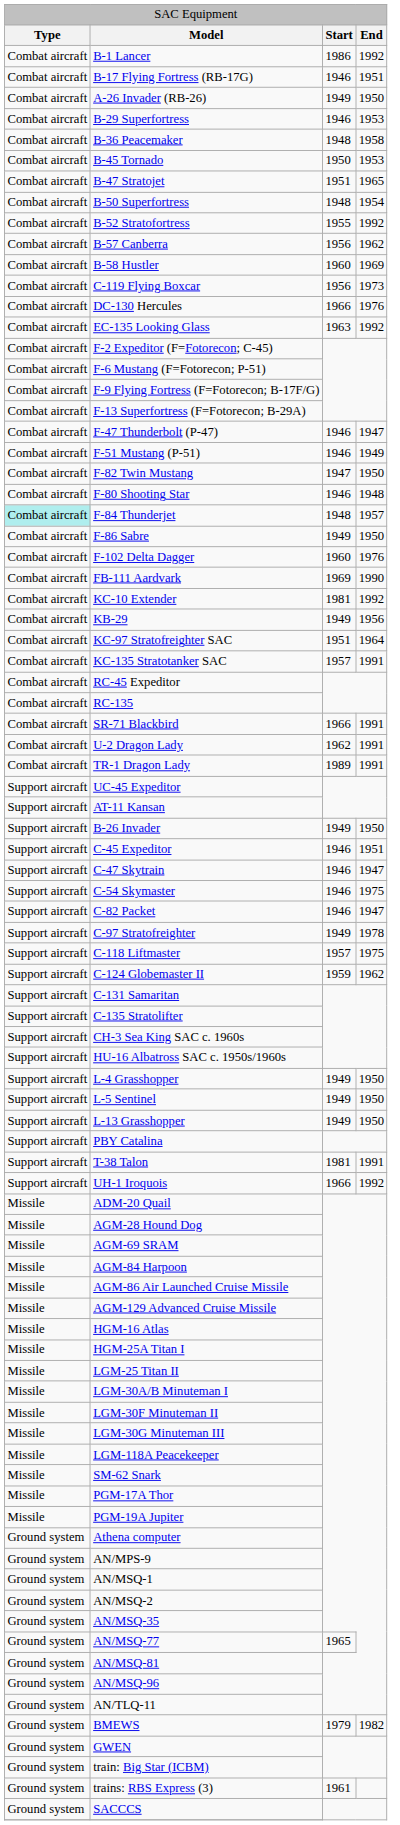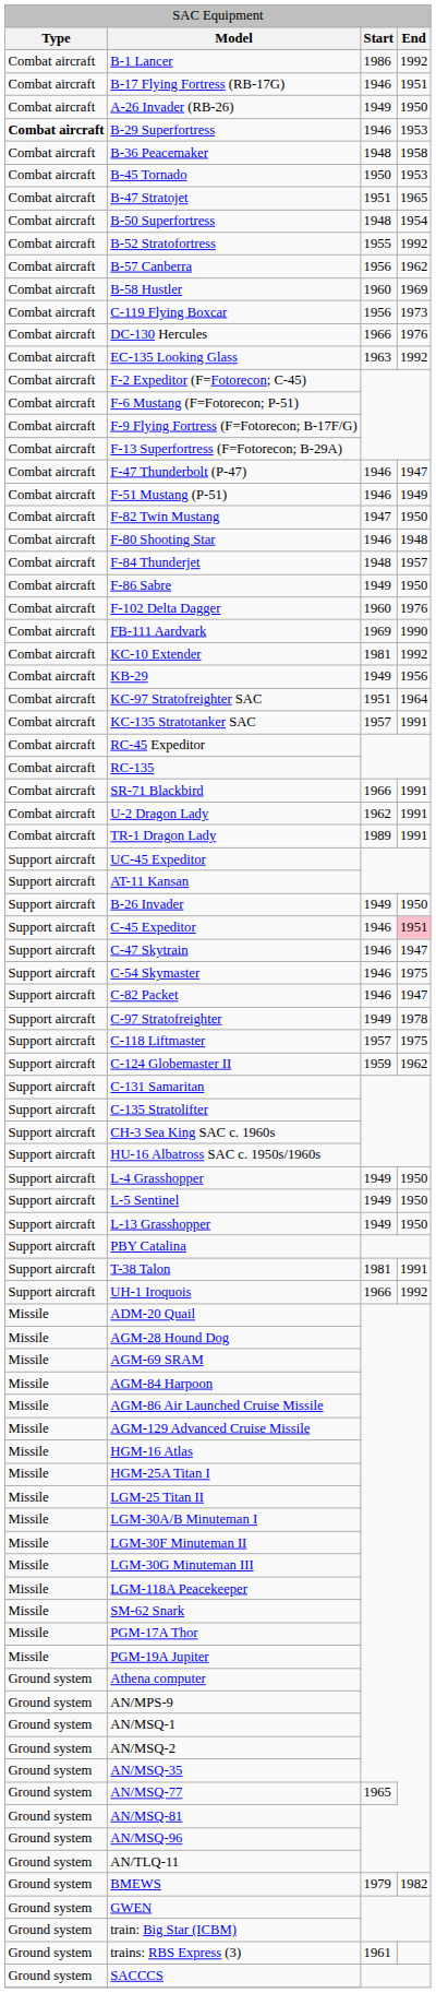 <table class="wikitable sortable" align="left" style="font-size: 85%">
 <tr>
 <td colspan="6" bgcolor="silver" align=center>SAC Equipment</td>
 </tr>
 <tr>
 <th>Type</th>
 <th>Model</th>
 <th>Start</th>
 <th>End</th>
 </tr>
 <tr>
 <td>Combat aircraft</td>
 <td><a href='#'>B-1 Lancer</a></td>
 <td>1986</td>
 <td>1992</td>
 </tr>
 <tr>
 <td>Combat aircraft</td>
 <td><a href='#'>B-17 Flying Fortress</a> (RB-17G)</td>
 <td>1946</td>
 <td>1951</td>
 </tr>
 <tr>
 <td>Combat aircraft</td>
 <td><a href='#'>A-26 Invader</a> (RB-26)</td>
 <td>1949</td>
 <td>1950</td>
 </tr>
 <tr>
-<td>Combat aircraft</td>
+<td><strong>Combat aircraft</strong></td>
 <td><a href='#'>B-29 Superfortress</a></td>
 <td>1946</td>
 <td>1953</td>
 </tr>
 <tr>
 <td>Combat aircraft</td>
 <td><a href='#'>B-36 Peacemaker</a></td>
 <td>1948</td>
 <td>1958</td>
 </tr>
 <tr>
 <td>Combat aircraft</td>
 <td><a href='#'>B-45 Tornado</a></td>
 <td>1950</td>
 <td>1953</td>
 </tr>
 <tr>
 <td>Combat aircraft</td>
 <td><a href='#'>B-47 Stratojet</a></td>
 <td>1951</td>
 <td>1965</td>
 </tr>
 <tr>
 <td>Combat aircraft</td>
 <td><a href='#'>B-50 Superfortress</a></td>
 <td>1948</td>
 <td>1954</td>
 </tr>
 <tr>
 <td>Combat aircraft</td>
 <td><a href='#'>B-52 Stratofortress</a></td>
 <td>1955</td>
 <td>1992</td>
 </tr>
 <tr>
 <td>Combat aircraft</td>
 <td><a href='#'>B-57 Canberra</a></td>
 <td>1956</td>
 <td>1962</td>
 </tr>
 <tr>
 <td>Combat aircraft</td>
 <td><a href='#'>B-58 Hustler</a></td>
 <td>1960</td>
 <td>1969</td>
 </tr>
 <tr>
 <td>Combat aircraft</td>
 <td><a href='#'>C-119 Flying Boxcar</a></td>
 <td>1956</td>
 <td>1973</td>
 </tr>
 <tr>
 <td>Combat aircraft</td>
 <td><a href='#'>DC-130</a> Hercules</td>
 <td>1966</td>
 <td>1976</td>
 </tr>
 <tr>
 <td>Combat aircraft</td>
 <td><a href='#'>EC-135 Looking Glass</a></td>
 <td>1963</td>
 <td>1992</td>
 </tr>
 <tr>
 <td>Combat aircraft</td>
 <td><a href='#'>F-2 Expeditor</a> (F=<a href='#'>Fotorecon</a>; C-45)</td>
 </tr>
 <tr>
 <td>Combat aircraft</td>
 <td><a href='#'>F-6 Mustang</a> (F=Fotorecon; P-51)</td>
 </tr>
 <tr>
 <td>Combat aircraft</td>
 <td><a href='#'>F-9 Flying Fortress</a> (F=Fotorecon; B-17F/G)</td>
 </tr>
 <tr>
 <td>Combat aircraft</td>
 <td><a href='#'>F-13 Superfortress</a> (F=Fotorecon; B-29A)</td>
 </tr>
 <tr>
 <td>Combat aircraft</td>
 <td><a href='#'>F-47 Thunderbolt</a> (P-47)</td>
 <td>1946</td>
 <td>1947</td>
 </tr>
 <tr>
 <td>Combat aircraft</td>
 <td><a href='#'>F-51 Mustang</a> (P-51)</td>
 <td>1946</td>
 <td>1949</td>
 </tr>
 <tr>
 <td>Combat aircraft</td>
 <td><a href='#'>F-82 Twin Mustang</a></td>
 <td>1947</td>
 <td>1950</td>
 </tr>
 <tr>
 <td>Combat aircraft</td>
 <td><a href='#'>F-80 Shooting Star</a></td>
 <td>1946</td>
 <td>1948</td>
 </tr>
 <tr>
-<td style="background: paleturquoise;">Combat aircraft</td>
+<td>Combat aircraft</td>
 <td><a href='#'>F-84 Thunderjet</a></td>
 <td>1948</td>
 <td>1957</td>
 </tr>
 <tr>
 <td>Combat aircraft</td>
 <td><a href='#'>F-86 Sabre</a></td>
 <td>1949</td>
 <td>1950</td>
 </tr>
 <tr>
 <td>Combat aircraft</td>
 <td><a href='#'>F-102 Delta Dagger</a></td>
 <td>1960</td>
 <td>1976</td>
 </tr>
 <tr>
 <td>Combat aircraft</td>
 <td><a href='#'>FB-111 Aardvark</a></td>
 <td>1969</td>
 <td>1990</td>
 </tr>
 <tr>
 <td>Combat aircraft</td>
 <td><a href='#'>KC-10 Extender</a></td>
 <td>1981</td>
 <td>1992</td>
 </tr>
 <tr>
 <td>Combat aircraft</td>
 <td><a href='#'>KB-29</a></td>
 <td>1949</td>
 <td>1956</td>
 </tr>
 <tr>
 <td>Combat aircraft</td>
 <td><a href='#'>KC-97 Stratofreighter</a> SAC</td>
 <td>1951</td>
 <td>1964</td>
 </tr>
 <tr>
 <td>Combat aircraft</td>
 <td><a href='#'>KC-135 Stratotanker</a> SAC</td>
 <td>1957</td>
 <td>1991</td>
 </tr>
 <tr>
 <td>Combat aircraft</td>
 <td><a href='#'>RC-45</a> Expeditor</td>
 </tr>
 <tr>
 <td>Combat aircraft</td>
 <td><a href='#'>RC-135</a></td>
 </tr>
 <tr>
 <td>Combat aircraft</td>
 <td><a href='#'>SR-71 Blackbird</a></td>
 <td>1966</td>
 <td>1991</td>
 </tr>
 <tr>
 <td>Combat aircraft</td>
 <td><a href='#'>U-2 Dragon Lady</a></td>
 <td>1962</td>
 <td>1991</td>
 </tr>
 <tr>
 <td>Combat aircraft</td>
 <td><a href='#'>TR-1 Dragon Lady</a></td>
 <td>1989</td>
 <td>1991</td>
 </tr>
 <tr>
 <td>Support aircraft</td>
 <td><a href='#'>UC-45 Expeditor</a></td>
 </tr>
 <tr>
 <td>Support aircraft</td>
 <td><a href='#'>AT-11 Kansan</a></td>
 </tr>
 <tr>
 <td>Support aircraft</td>
 <td><a href='#'>B-26 Invader</a></td>
 <td>1949</td>
 <td>1950</td>
 </tr>
 <tr>
 <td>Support aircraft</td>
 <td><a href='#'>C-45 Expeditor</a></td>
 <td>1946</td>
-<td>1951</td>
+<td style="background: pink;">1951</td>
 </tr>
 <tr>
 <td>Support aircraft</td>
 <td><a href='#'>C-47 Skytrain</a></td>
 <td>1946</td>
 <td>1947</td>
 </tr>
 <tr>
 <td>Support aircraft</td>
 <td><a href='#'>C-54 Skymaster</a></td>
 <td>1946</td>
 <td>1975</td>
 </tr>
 <tr>
 <td>Support aircraft</td>
 <td><a href='#'>C-82 Packet</a></td>
 <td>1946</td>
 <td>1947</td>
 </tr>
 <tr>
 <td>Support aircraft</td>
 <td><a href='#'>C-97 Stratofreighter</a></td>
 <td>1949</td>
 <td>1978</td>
 </tr>
 <tr>
 <td>Support aircraft</td>
 <td><a href='#'>C-118 Liftmaster</a></td>
 <td>1957</td>
 <td>1975</td>
 </tr>
 <tr>
 <td>Support aircraft</td>
 <td><a href='#'>C-124 Globemaster II</a></td>
 <td>1959</td>
 <td>1962</td>
 </tr>
 <tr>
 <td>Support aircraft</td>
 <td><a href='#'>C-131 Samaritan</a></td>
 </tr>
 <tr>
 <td>Support aircraft</td>
 <td><a href='#'>C-135 Stratolifter</a></td>
 </tr>
 <tr>
 <td>Support aircraft</td>
 <td><a href='#'>CH-3 Sea King</a> SAC c. 1960s</td>
 </tr>
 <tr>
 <td>Support aircraft</td>
 <td><a href='#'>HU-16 Albatross</a> SAC c. 1950s/1960s</td>
 </tr>
 <tr>
 <td>Support aircraft</td>
 <td><a href='#'>L-4 Grasshopper</a></td>
 <td>1949</td>
 <td>1950</td>
 </tr>
 <tr>
 <td>Support aircraft</td>
 <td><a href='#'>L-5 Sentinel</a></td>
 <td>1949</td>
 <td>1950</td>
 </tr>
 <tr>
 <td>Support aircraft</td>
 <td><a href='#'>L-13 Grasshopper</a></td>
 <td>1949</td>
 <td>1950</td>
 </tr>
 <tr>
 <td>Support aircraft</td>
 <td><a href='#'>PBY Catalina</a></td>
 </tr>
 <tr>
 <td>Support aircraft</td>
 <td><a href='#'>T-38 Talon</a></td>
 <td>1981</td>
 <td>1991</td>
 </tr>
 <tr>
 <td>Support aircraft</td>
 <td><a href='#'>UH-1 Iroquois</a></td>
 <td>1966</td>
 <td>1992</td>
 </tr>
 <tr>
 <td>Missile</td>
 <td><a href='#'>ADM-20 Quail</a></td>
 </tr>
 <tr>
 <td>Missile</td>
 <td><a href='#'>AGM-28 Hound Dog</a></td>
 </tr>
 <tr>
 <td>Missile</td>
 <td><a href='#'>AGM-69 SRAM</a></td>
 </tr>
 <tr>
 <td>Missile</td>
 <td><a href='#'>AGM-84 Harpoon</a></td>
 </tr>
 <tr>
 <td>Missile</td>
 <td><a href='#'>AGM-86 Air Launched Cruise Missile</a></td>
 </tr>
 <tr>
 <td>Missile</td>
 <td><a href='#'>AGM-129 Advanced Cruise Missile</a></td>
 </tr>
 <tr>
 <td>Missile</td>
 <td><a href='#'>HGM-16 Atlas</a></td>
 </tr>
 <tr>
 <td>Missile</td>
 <td><a href='#'>HGM-25A Titan I</a></td>
 </tr>
 <tr>
 <td>Missile</td>
 <td><a href='#'>LGM-25 Titan II</a></td>
 </tr>
 <tr>
 <td>Missile</td>
 <td><a href='#'>LGM-30A/B Minuteman I</a></td>
 </tr>
 <tr>
 <td>Missile</td>
 <td><a href='#'>LGM-30F Minuteman II</a></td>
 </tr>
 <tr>
 <td>Missile</td>
 <td><a href='#'>LGM-30G Minuteman III</a></td>
 </tr>
 <tr>
 <td>Missile</td>
 <td><a href='#'>LGM-118A Peacekeeper</a></td>
 </tr>
 <tr>
 <td>Missile</td>
 <td><a href='#'>SM-62 Snark</a></td>
 </tr>
 <tr>
 <td>Missile</td>
 <td><a href='#'>PGM-17A Thor</a></td>
 </tr>
 <tr>
 <td>Missile</td>
 <td><a href='#'>PGM-19A Jupiter</a></td>
 </tr>
 <tr>
 <td>Ground system</td>
 <td><a href='#'>Athena computer</a></td>
 </tr>
 <tr>
 <td>Ground system</td>
 <td>AN/MPS-9</td>
 </tr>
 <tr>
 <td>Ground system</td>
 <td>AN/MSQ-1</td>
 </tr>
 <tr>
 <td>Ground system</td>
 <td>AN/MSQ-2</td>
 </tr>
 <tr>
 <td>Ground system</td>
 <td><a href='#'>AN/MSQ-35</a></td>
 </tr>
 <tr>
 <td>Ground system</td>
 <td><a href='#'>AN/MSQ-77</a></td>
 <td>1965</td>
 </tr>
 <tr>
 <td>Ground system</td>
 <td><a href='#'>AN/MSQ-81</a></td>
 </tr>
 <tr>
 <td>Ground system</td>
 <td><a href='#'>AN/MSQ-96</a></td>
 </tr>
 <tr>
 <td>Ground system</td>
 <td>AN/TLQ-11</td>
 </tr>
 <tr>
 <td>Ground system</td>
 <td><a href='#'>BMEWS</a></td>
 <td>1979</td>
 <td>1982</td>
 </tr>
 <tr>
 <td>Ground system</td>
 <td><a href='#'>GWEN</a></td>
 </tr>
 <tr>
 <td>Ground system</td>
 <td>train: <a href='#'>Big Star (ICBM)</a></td>
 </tr>
 <tr>
 <td>Ground system</td>
 <td>trains: <a href='#'>RBS Express</a> (3)</td>
 <td>1961</td>
 <td></td>
 </tr>
 <tr>
 <td>Ground system</td>
 <td><a href='#'>SACCCS</a></td>
 </tr>
 <tr>
 </tr>
 </table>
